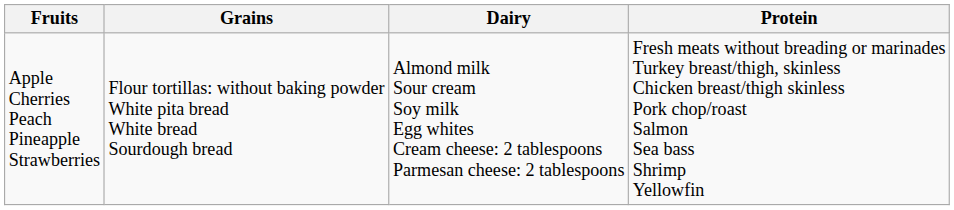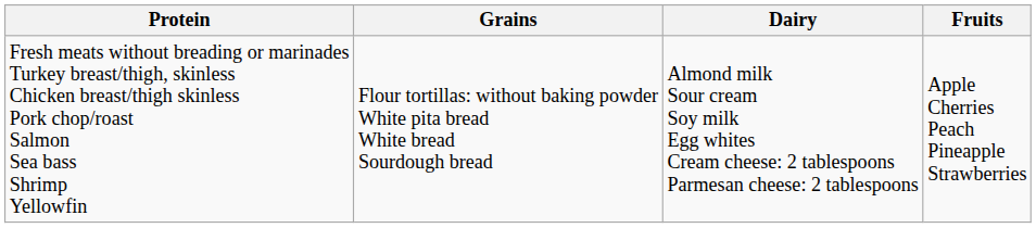 <table class="wikitable">
 <tr>
-<th>Fruits</th>
+<th>Protein</th>
 <th>Grains</th>
 <th>Dairy</th>
-<th>Protein</th>
+<th>Fruits</th>
 </tr>
 <tr>
-<td>Apple<br>Cherries<br>Peach<br>Pineapple<br>Strawberries</td>
+<td>Fresh meats without breading or marinades<br>Turkey breast/thigh, skinless<br>Chicken breast/thigh skinless<br>Pork chop/roast<br>Salmon<br>Sea bass<br>Shrimp<br>Yellowfin</td>
 <td>Flour tortillas: without baking powder<br>White pita bread<br>White bread<br>Sourdough bread</td>
 <td>Almond milk<br>Sour cream<br>Soy milk<br>Egg whites<br>Cream cheese: 2 tablespoons<br>Parmesan cheese: 2 tablespoons</td>
-<td>Fresh meats without breading or marinades<br>Turkey breast/thigh, skinless<br>Chicken breast/thigh skinless<br>Pork chop/roast<br>Salmon<br>Sea bass<br>Shrimp<br>Yellowfin</td>
+<td>Apple<br>Cherries<br>Peach<br>Pineapple<br>Strawberries</td>
 </tr>
 </table>
